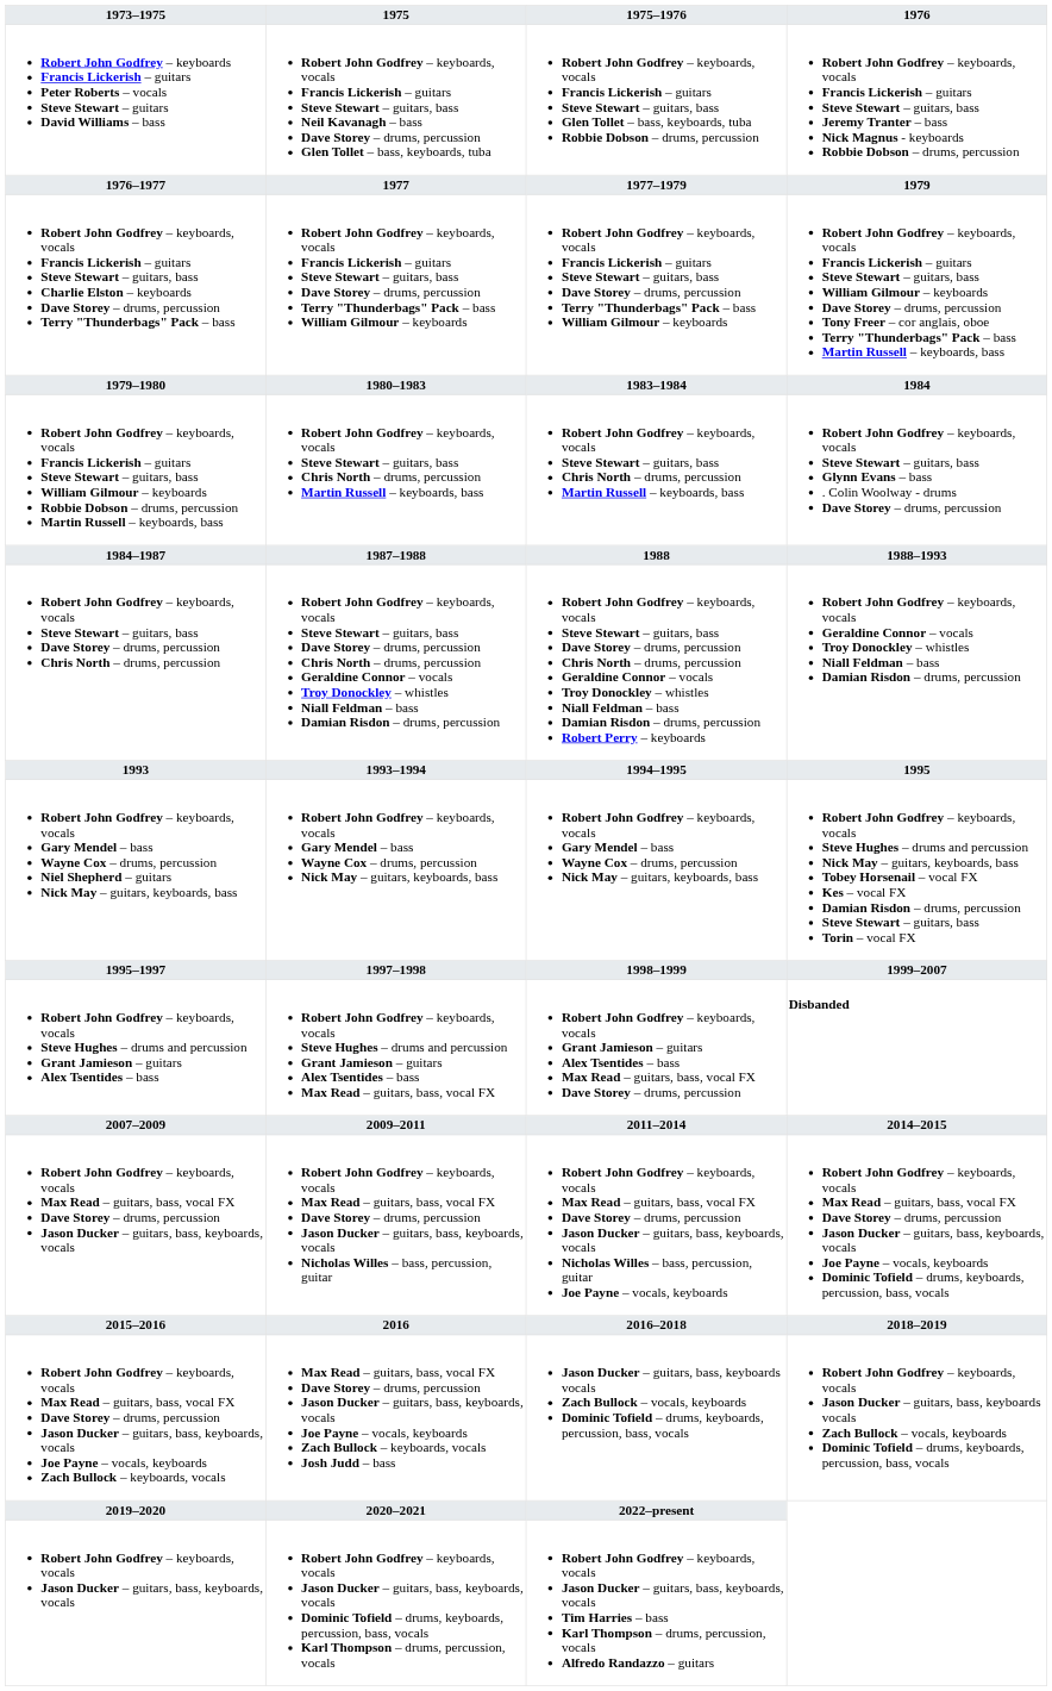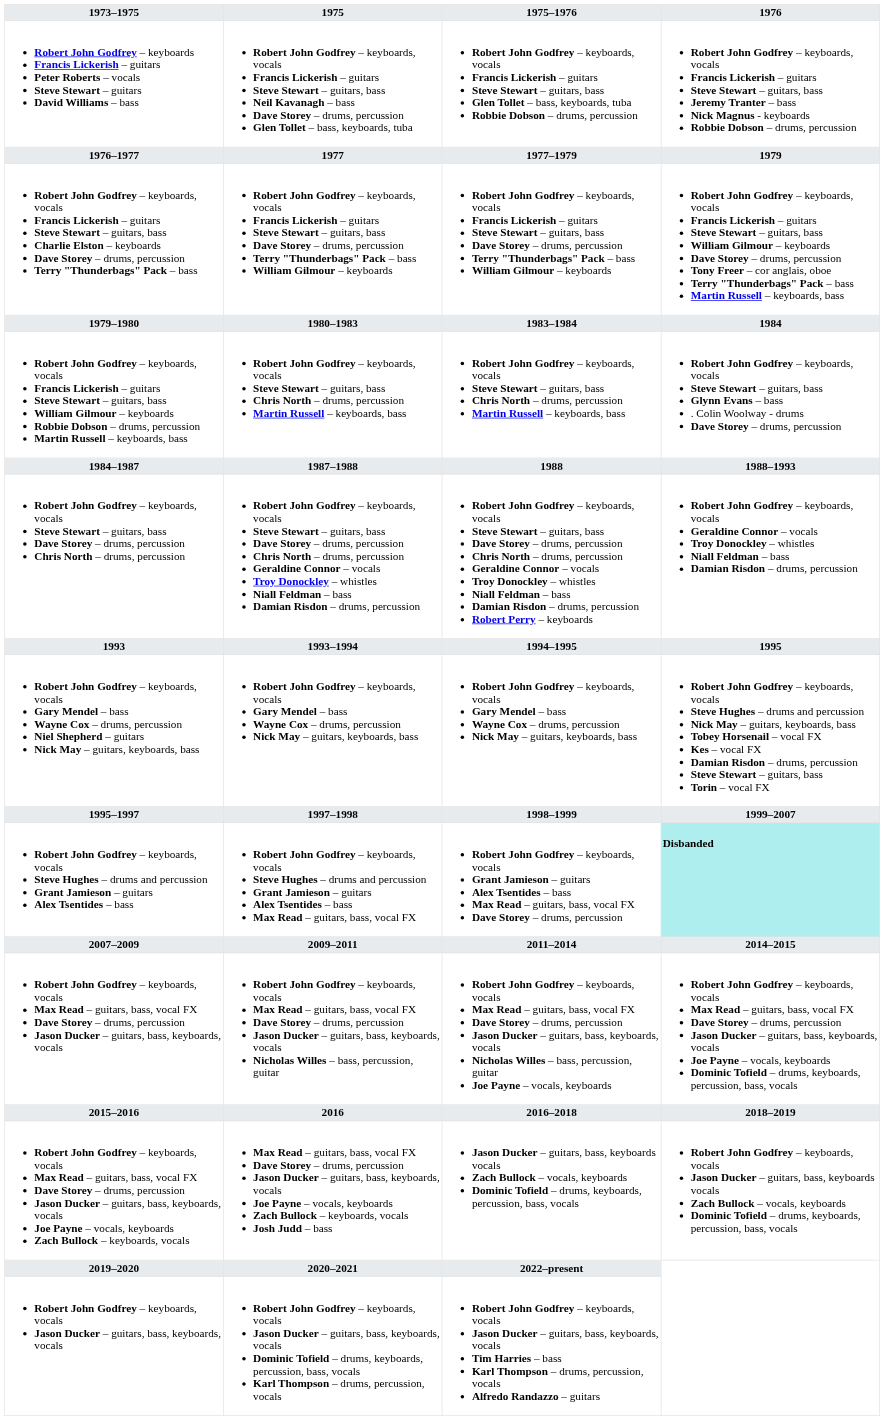 <table class="toccolours" border="1" cellpadding="2" cellspacing="0" style="float:width:375px; margin:0 0 1em 1em; border-collapse:collapse; border:1px solid #e2e2e2; width:99%;">
 <tr>
 <th style="vertical-align:top; background:#e7ebee; width:25%;">1973–1975</th>
 <th style="vertical-align:top; background:#e7ebee; width:25%;">1975</th>
 <th style="vertical-align:top; background:#e7ebee; width:25%;">1975–1976</th>
 <th style="vertical-align:top; background:#e7ebee; width:25%;">1976</th>
 </tr>
 <tr>
 <td valign="top"><br><ul><li><strong><a href='#'>Robert John Godfrey</a></strong> – keyboards</li><li><strong><a href='#'>Francis Lickerish</a></strong> – guitars</li><li><strong>Peter Roberts</strong> – vocals</li><li><strong>Steve Stewart</strong> – guitars</li><li><strong>David Williams</strong> – bass</li></ul></td>
 <td valign="top"><br><ul><li><strong>Robert John Godfrey</strong> – keyboards, vocals</li><li><strong>Francis Lickerish</strong> – guitars</li><li><strong>Steve Stewart</strong> – guitars, bass</li><li><strong>Neil Kavanagh</strong> – bass</li><li><strong>Dave Storey</strong> – drums, percussion</li><li><strong>Glen Tollet</strong> – bass, keyboards, tuba</li></ul></td>
 <td valign="top"><br><ul><li><strong>Robert John Godfrey</strong> – keyboards, vocals</li><li><strong>Francis Lickerish</strong> – guitars</li><li><strong>Steve Stewart</strong> – guitars, bass</li><li><strong>Glen Tollet</strong> – bass, keyboards, tuba</li><li><strong>Robbie Dobson</strong> – drums, percussion</li></ul></td>
 <td valign="top"><br><ul><li><strong>Robert John Godfrey</strong> – keyboards, vocals</li><li><strong>Francis Lickerish</strong> – guitars</li><li><strong>Steve Stewart</strong> – guitars, bass</li><li><strong>Jeremy Tranter</strong> – bass</li><li><strong>Nick Magnus</strong> - keyboards</li><li><strong>Robbie Dobson</strong> – drums, percussion</li></ul></td>
 </tr>
 <tr>
 <th style="vertical-align:top; background:#e7ebee; width:25%;">1976–1977</th>
 <th style="vertical-align:top; background:#e7ebee; width:25%;">1977</th>
 <th style="vertical-align:top; background:#e7ebee; width:25%;">1977–1979</th>
 <th style="vertical-align:top; background:#e7ebee; width:25%;">1979</th>
 </tr>
 <tr>
 <td valign="top"><br><ul><li><strong>Robert John Godfrey</strong> – keyboards, vocals</li><li><strong>Francis Lickerish</strong> – guitars</li><li><strong>Steve Stewart</strong> – guitars, bass</li><li><strong>Charlie Elston</strong> – keyboards</li><li><strong>Dave Storey</strong> – drums, percussion</li><li><strong>Terry "Thunderbags" Pack</strong> – bass</li></ul></td>
 <td valign="top"><br><ul><li><strong>Robert John Godfrey</strong> – keyboards, vocals</li><li><strong>Francis Lickerish</strong> – guitars</li><li><strong>Steve Stewart</strong> – guitars, bass</li><li><strong>Dave Storey</strong> – drums, percussion</li><li><strong>Terry "Thunderbags" Pack</strong> – bass</li><li><strong>William Gilmour</strong> – keyboards</li></ul></td>
 <td valign="top"><br><ul><li><strong>Robert John Godfrey</strong> – keyboards, vocals</li><li><strong>Francis Lickerish</strong> – guitars</li><li><strong>Steve Stewart</strong> – guitars, bass</li><li><strong>Dave Storey</strong> – drums, percussion</li><li><strong>Terry "Thunderbags" Pack</strong> – bass</li><li><strong>William Gilmour</strong> – keyboards</li></ul></td>
 <td valign="top"><br><ul><li><strong>Robert John Godfrey</strong> – keyboards, vocals</li><li><strong>Francis Lickerish</strong> – guitars</li><li><strong>Steve Stewart</strong> – guitars, bass</li><li><strong>William Gilmour</strong> – keyboards</li><li><strong>Dave Storey</strong> – drums, percussion</li><li><strong>Tony Freer</strong> – cor anglais, oboe</li><li><strong>Terry "Thunderbags" Pack</strong> – bass</li><li><strong><a href='#'>Martin Russell</a></strong> – keyboards, bass</li></ul></td>
 </tr>
 <tr>
 <th style="vertical-align:top; background:#e7ebee; width:25%;">1979–1980</th>
 <th style="vertical-align:top; background:#e7ebee; width:25%;">1980–1983</th>
 <th style="vertical-align:top; background:#e7ebee; width:25%;">1983–1984</th>
 <th style="vertical-align:top; background:#e7ebee; width:25%;">1984</th>
 </tr>
 <tr>
 <td valign="top"><br><ul><li><strong>Robert John Godfrey</strong> – keyboards, vocals</li><li><strong>Francis Lickerish</strong> – guitars</li><li><strong>Steve Stewart</strong> – guitars, bass</li><li><strong>William Gilmour</strong> – keyboards</li><li><strong>Robbie Dobson</strong> – drums, percussion</li><li><strong>Martin Russell</strong> – keyboards, bass</li></ul></td>
 <td valign="top"><br><ul><li><strong>Robert John Godfrey</strong> – keyboards, vocals</li><li><strong>Steve Stewart</strong> – guitars, bass</li><li><strong>Chris North</strong> – drums, percussion</li><li><strong><a href='#'>Martin Russell</a></strong> – keyboards, bass</li></ul></td>
 <td valign="top"><br><ul><li><strong>Robert John Godfrey</strong> – keyboards, vocals</li><li><strong>Steve Stewart</strong> – guitars, bass</li><li><strong>Chris North</strong> – drums, percussion</li><li><strong><a href='#'>Martin Russell</a></strong> – keyboards, bass</li></ul></td>
 <td valign="top"><br><ul><li><strong>Robert John Godfrey</strong> – keyboards, vocals</li><li><strong>Steve Stewart</strong> – guitars, bass</li><li><strong>Glynn Evans</strong> – bass</li><li>.  Colin Woolway - drums</li><li><strong>Dave Storey</strong> – drums, percussion</li></ul></td>
 </tr>
 <tr>
 <th style="vertical-align:top; background:#e7ebee; width:25%;">1984–1987</th>
 <th style="vertical-align:top; background:#e7ebee; width:25%;">1987–1988</th>
 <th style="vertical-align:top; background:#e7ebee; width:25%;">1988</th>
 <th style="vertical-align:top; background:#e7ebee; width:25%;">1988–1993</th>
 </tr>
 <tr>
 <td valign="top"><br><ul><li><strong>Robert John Godfrey</strong> – keyboards, vocals</li><li><strong>Steve Stewart</strong> – guitars, bass</li><li><strong>Dave Storey</strong> – drums, percussion</li><li><strong>Chris North</strong> – drums, percussion</li></ul></td>
 <td valign="top"><br><ul><li><strong>Robert John Godfrey</strong> – keyboards, vocals</li><li><strong>Steve Stewart</strong> – guitars, bass</li><li><strong>Dave Storey</strong> – drums, percussion</li><li><strong>Chris North</strong> – drums, percussion</li><li><strong>Geraldine Connor</strong> – vocals</li><li><strong><a href='#'>Troy Donockley</a></strong> – whistles</li><li><strong>Niall Feldman</strong> – bass</li><li><strong>Damian Risdon</strong> – drums, percussion</li></ul></td>
 <td valign="top"><br><ul><li><strong>Robert John Godfrey</strong> – keyboards, vocals</li><li><strong>Steve Stewart</strong> – guitars, bass</li><li><strong>Dave Storey</strong> – drums, percussion</li><li><strong>Chris North</strong> – drums, percussion</li><li><strong>Geraldine Connor</strong> – vocals</li><li><strong>Troy Donockley</strong> – whistles</li><li><strong>Niall Feldman</strong> – bass</li><li><strong>Damian Risdon</strong> – drums, percussion</li><li><strong><a href='#'>Robert Perry</a></strong> – keyboards</li></ul></td>
 <td valign="top"><br><ul><li><strong>Robert John Godfrey</strong> – keyboards, vocals</li><li><strong>Geraldine Connor</strong> – vocals</li><li><strong>Troy Donockley</strong> – whistles</li><li><strong>Niall Feldman</strong> – bass</li><li><strong>Damian Risdon</strong> – drums, percussion</li></ul></td>
 </tr>
 <tr>
 <th style="vertical-align:top; background:#e7ebee; width:25%;">1993</th>
 <th style="vertical-align:top; background:#e7ebee; width:25%;">1993–1994</th>
 <th style="vertical-align:top; background:#e7ebee; width:25%;">1994–1995</th>
 <th style="vertical-align:top; background:#e7ebee; width:25%;">1995</th>
 </tr>
 <tr>
 <td valign="top"><br><ul><li><strong>Robert John Godfrey</strong> – keyboards, vocals</li><li><strong>Gary Mendel</strong> – bass</li><li><strong>Wayne Cox</strong> – drums, percussion</li><li><strong>Niel Shepherd</strong> – guitars</li><li><strong>Nick May</strong> – guitars, keyboards, bass</li></ul></td>
 <td valign="top"><br><ul><li><strong>Robert John Godfrey</strong> – keyboards, vocals</li><li><strong>Gary Mendel</strong> – bass</li><li><strong>Wayne Cox</strong> – drums, percussion</li><li><strong>Nick May</strong> – guitars, keyboards, bass</li></ul></td>
 <td valign="top"><br><ul><li><strong>Robert John Godfrey</strong> – keyboards, vocals</li><li><strong>Gary Mendel</strong> – bass</li><li><strong>Wayne Cox</strong> – drums, percussion</li><li><strong>Nick May</strong> – guitars, keyboards, bass</li></ul></td>
 <td valign="top"><br><ul><li><strong>Robert John Godfrey</strong> – keyboards, vocals</li><li><strong>Steve Hughes</strong> – drums and percussion</li><li><strong>Nick May</strong> – guitars, keyboards, bass</li><li><strong>Tobey Horsenail</strong> – vocal FX</li><li><strong>Kes</strong> – vocal FX</li><li><strong>Damian Risdon</strong> – drums, percussion</li><li><strong>Steve Stewart</strong> – guitars, bass</li><li><strong>Torin</strong> – vocal FX</li></ul></td>
 </tr>
 <tr>
 <th style="vertical-align:top; background:#e7ebee; width:25%;">1995–1997</th>
 <th style="vertical-align:top; background:#e7ebee; width:25%;">1997–1998</th>
 <th style="vertical-align:top; background:#e7ebee; width:25%;">1998–1999</th>
 <th style="vertical-align:top; background:#e7ebee; width:25%;">1999–2007</th>
 </tr>
 <tr>
 <td valign="top"><br><ul><li><strong>Robert John Godfrey</strong> – keyboards, vocals</li><li><strong>Steve Hughes</strong> – drums and percussion</li><li><strong>Grant Jamieson</strong> – guitars</li><li><strong>Alex Tsentides</strong> – bass</li></ul></td>
 <td valign="top"><br><ul><li><strong>Robert John Godfrey</strong> – keyboards, vocals</li><li><strong>Steve Hughes</strong> – drums and percussion</li><li><strong>Grant Jamieson</strong> – guitars</li><li><strong>Alex Tsentides</strong> – bass</li><li><strong>Max Read</strong> – guitars, bass, vocal FX</li></ul></td>
 <td valign="top"><br><ul><li><strong>Robert John Godfrey</strong> – keyboards, vocals</li><li><strong>Grant Jamieson</strong> – guitars</li><li><strong>Alex Tsentides</strong> – bass</li><li><strong>Max Read</strong> – guitars, bass, vocal FX</li><li><strong>Dave Storey</strong> – drums, percussion</li></ul></td>
-<td valign="top"><br><strong>Disbanded</strong></td>
+<td valign="top" style="background: paleturquoise;"><br><strong>Disbanded</strong></td>
 </tr>
 <tr>
 <th style="vertical-align:top; background:#e7ebee; width:25%;">2007–2009</th>
 <th style="vertical-align:top; background:#e7ebee; width:25%;">2009–2011</th>
 <th style="vertical-align:top; background:#e7ebee; width:25%;">2011–2014</th>
 <th style="vertical-align:top; background:#e7ebee; width:25%;">2014–2015</th>
 </tr>
 <tr>
 <td valign="top"><br><ul><li><strong>Robert John Godfrey</strong> – keyboards, vocals</li><li><strong>Max Read</strong> – guitars, bass, vocal FX</li><li><strong>Dave Storey</strong> – drums, percussion</li><li><strong>Jason Ducker</strong> – guitars, bass, keyboards, vocals</li></ul></td>
 <td valign="top"><br><ul><li><strong>Robert John Godfrey</strong> – keyboards, vocals</li><li><strong>Max Read</strong> – guitars, bass, vocal FX</li><li><strong>Dave Storey</strong> – drums, percussion</li><li><strong>Jason Ducker</strong> – guitars, bass, keyboards, vocals</li><li><strong>Nicholas Willes</strong> – bass, percussion, guitar</li></ul></td>
 <td valign="top"><br><ul><li><strong>Robert John Godfrey</strong> – keyboards, vocals</li><li><strong>Max Read</strong> – guitars, bass, vocal FX</li><li><strong>Dave Storey</strong> – drums, percussion</li><li><strong>Jason Ducker</strong> – guitars, bass, keyboards, vocals</li><li><strong>Nicholas Willes</strong> – bass, percussion, guitar</li><li><strong>Joe Payne</strong> – vocals, keyboards</li></ul></td>
 <td valign="top"><br><ul><li><strong>Robert John Godfrey</strong> – keyboards, vocals</li><li><strong>Max Read</strong> – guitars, bass, vocal FX</li><li><strong>Dave Storey</strong> – drums, percussion</li><li><strong>Jason Ducker</strong> – guitars, bass, keyboards, vocals</li><li><strong>Joe Payne</strong> – vocals, keyboards</li><li><strong>Dominic Tofield</strong> – drums, keyboards, percussion, bass, vocals</li></ul></td>
 </tr>
 <tr>
 <th style="vertical-align:top; background:#e7ebee; width:25%;">2015–2016</th>
 <th style="vertical-align:top; background:#e7ebee; width:25%;">2016</th>
 <th style="vertical-align:top; background:#e7ebee; width:25%;">2016–2018</th>
 <th style="vertical-align:top; background:#e7ebee; width:25%;">2018–2019</th>
 </tr>
 <tr>
 <td valign="top"><br><ul><li><strong>Robert John Godfrey</strong> – keyboards, vocals</li><li><strong>Max Read</strong> – guitars, bass, vocal FX</li><li><strong>Dave Storey</strong> – drums, percussion</li><li><strong>Jason Ducker</strong> – guitars, bass, keyboards, vocals</li><li><strong>Joe Payne</strong> – vocals, keyboards</li><li><strong>Zach Bullock</strong> – keyboards, vocals</li></ul></td>
 <td valign="top"><br><ul><li><strong>Max Read</strong> – guitars, bass, vocal FX</li><li><strong>Dave Storey</strong> – drums, percussion</li><li><strong>Jason Ducker</strong> – guitars, bass, keyboards, vocals</li><li><strong>Joe Payne</strong> – vocals, keyboards</li><li><strong>Zach Bullock</strong> – keyboards, vocals</li><li><strong>Josh Judd</strong> – bass</li></ul></td>
 <td valign="top"><br><ul><li><strong>Jason Ducker</strong> – guitars, bass, keyboards vocals</li><li><strong>Zach Bullock</strong> – vocals, keyboards</li><li><strong>Dominic Tofield</strong> – drums, keyboards, percussion, bass, vocals</li></ul></td>
 <td valign="top"><br><ul><li><strong>Robert John Godfrey</strong> – keyboards, vocals</li><li><strong>Jason Ducker</strong> – guitars, bass, keyboards vocals</li><li><strong>Zach Bullock</strong> – vocals, keyboards</li><li><strong>Dominic Tofield</strong> – drums, keyboards, percussion, bass, vocals</li></ul></td>
 </tr>
 <tr>
 <th style="vertical-align:top; background:#e7ebee; width:25%;">2019–2020</th>
 <th style="vertical-align:top; background:#e7ebee; width:25%;">2020–2021</th>
 <th style="vertical-align:top; background:#e7ebee; width:25%;">2022–present</th>
 </tr>
 <tr>
 <td valign="top"><br><ul><li><strong>Robert John Godfrey</strong> – keyboards, vocals</li><li><strong>Jason Ducker</strong> – guitars, bass, keyboards, vocals</li></ul></td>
 <td valign="top"><br><ul><li><strong>Robert John Godfrey</strong> – keyboards, vocals</li><li><strong>Jason Ducker</strong> – guitars, bass, keyboards, vocals</li><li><strong>Dominic Tofield</strong> – drums, keyboards, percussion, bass, vocals</li><li><strong>Karl Thompson</strong> – drums, percussion, vocals</li></ul></td>
 <td valign="top"><br><ul><li><strong>Robert John Godfrey</strong> – keyboards, vocals</li><li><strong>Jason Ducker</strong> – guitars, bass, keyboards, vocals</li><li><strong>Tim Harries</strong> – bass</li><li><strong>Karl Thompson</strong> – drums, percussion, vocals</li><li><strong>Alfredo Randazzo</strong> – guitars</li></ul></td>
 </tr>
 </table>
